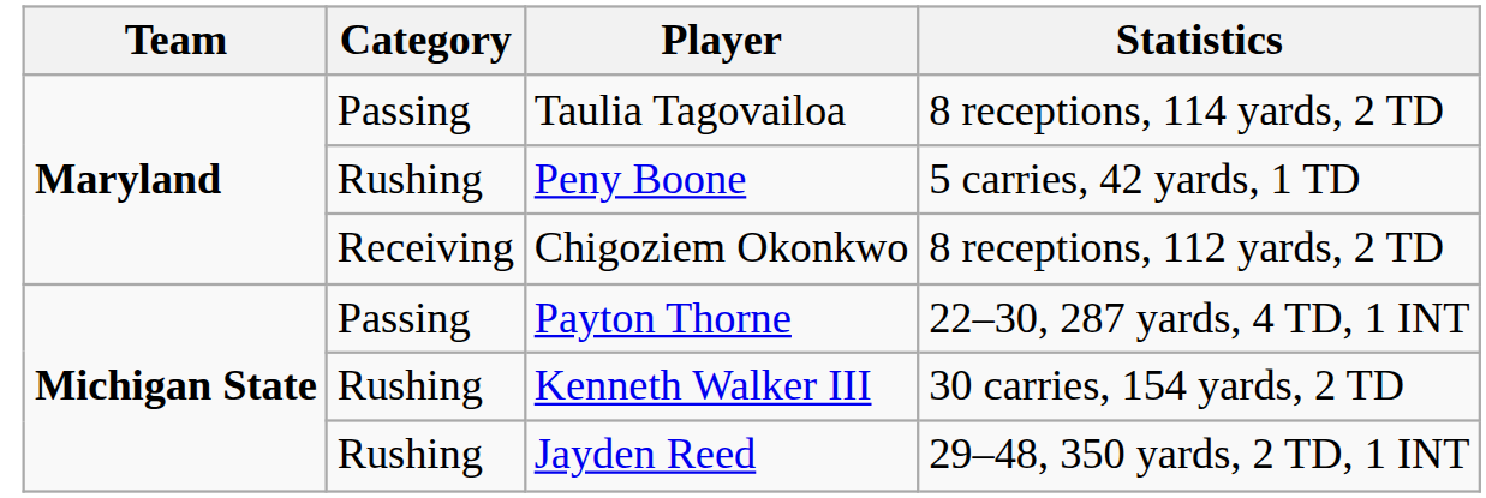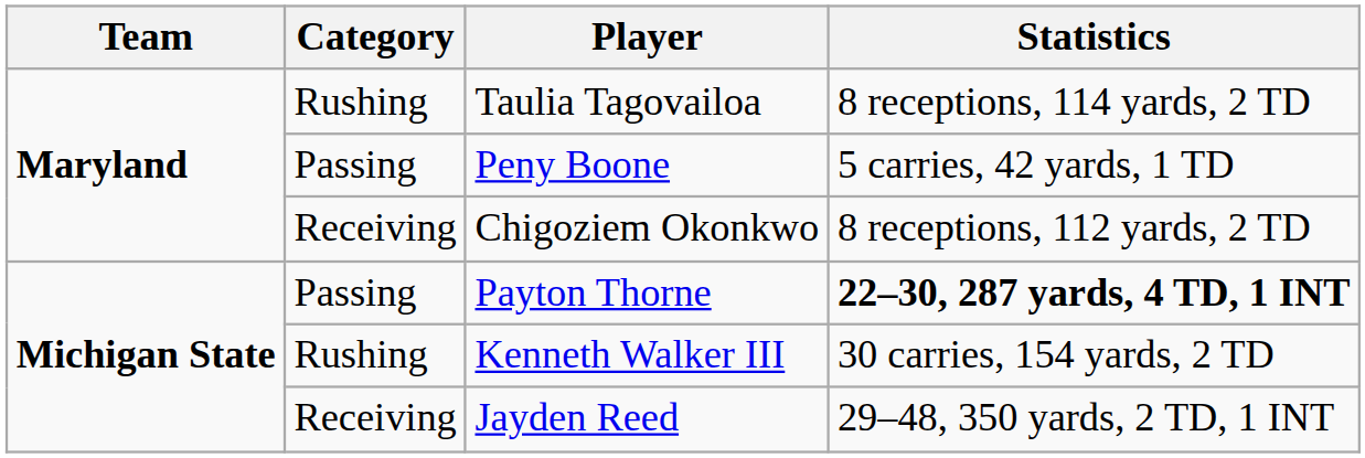 <table class="wikitable" style="float: right;">
 <tr>
 <th>Team</th>
 <th>Category</th>
 <th>Player</th>
 <th>Statistics</th>
 </tr>
 <tr>
 <td rowspan=3><strong>Maryland</strong></td>
-<td>Passing</td>
+<td>Rushing</td>
 <td>Taulia Tagovailoa</td>
 <td>8 receptions, 114 yards, 2 TD</td>
 </tr>
 <tr>
-<td>Rushing</td>
+<td>Passing</td>
 <td><a href='#'>Peny Boone</a></td>
 <td>5 carries, 42 yards, 1 TD</td>
 </tr>
 <tr>
 <td>Receiving</td>
 <td>Chigoziem Okonkwo</td>
 <td>8 receptions, 112 yards, 2 TD</td>
 </tr>
 <tr>
 <td rowspan=3><strong>Michigan State</strong></td>
 <td>Passing</td>
 <td><a href='#'>Payton Thorne</a></td>
-<td>22–30,  287 yards, 4 TD, 1 INT</td>
+<td><strong>22–30,  287 yards, 4 TD, 1 INT</strong></td>
 </tr>
 <tr>
 <td>Rushing</td>
 <td><a href='#'>Kenneth Walker III</a></td>
 <td>30 carries, 154 yards, 2 TD</td>
 </tr>
 <tr>
-<td>Rushing</td>
+<td>Receiving</td>
 <td><a href='#'>Jayden Reed</a></td>
 <td>29–48, 350 yards, 2 TD, 1 INT</td>
 </tr>
 </table>
